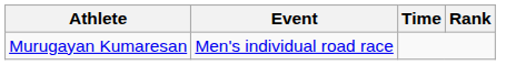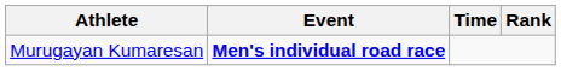 <table class=wikitable style="font-size:90%;">
 <tr>
 <th>Athlete</th>
 <th>Event</th>
 <th>Time</th>
 <th>Rank</th>
 </tr>
 <tr align=center>
 <td align=left><a href='#'>Murugayan Kumaresan</a></td>
-<td align=left><a href='#'>Men's individual road race</a></td>
+<td align=left><strong><a href='#'>Men's individual road race</a></strong></td>
 <td colspan=2></td>
 </tr>
 </table>
